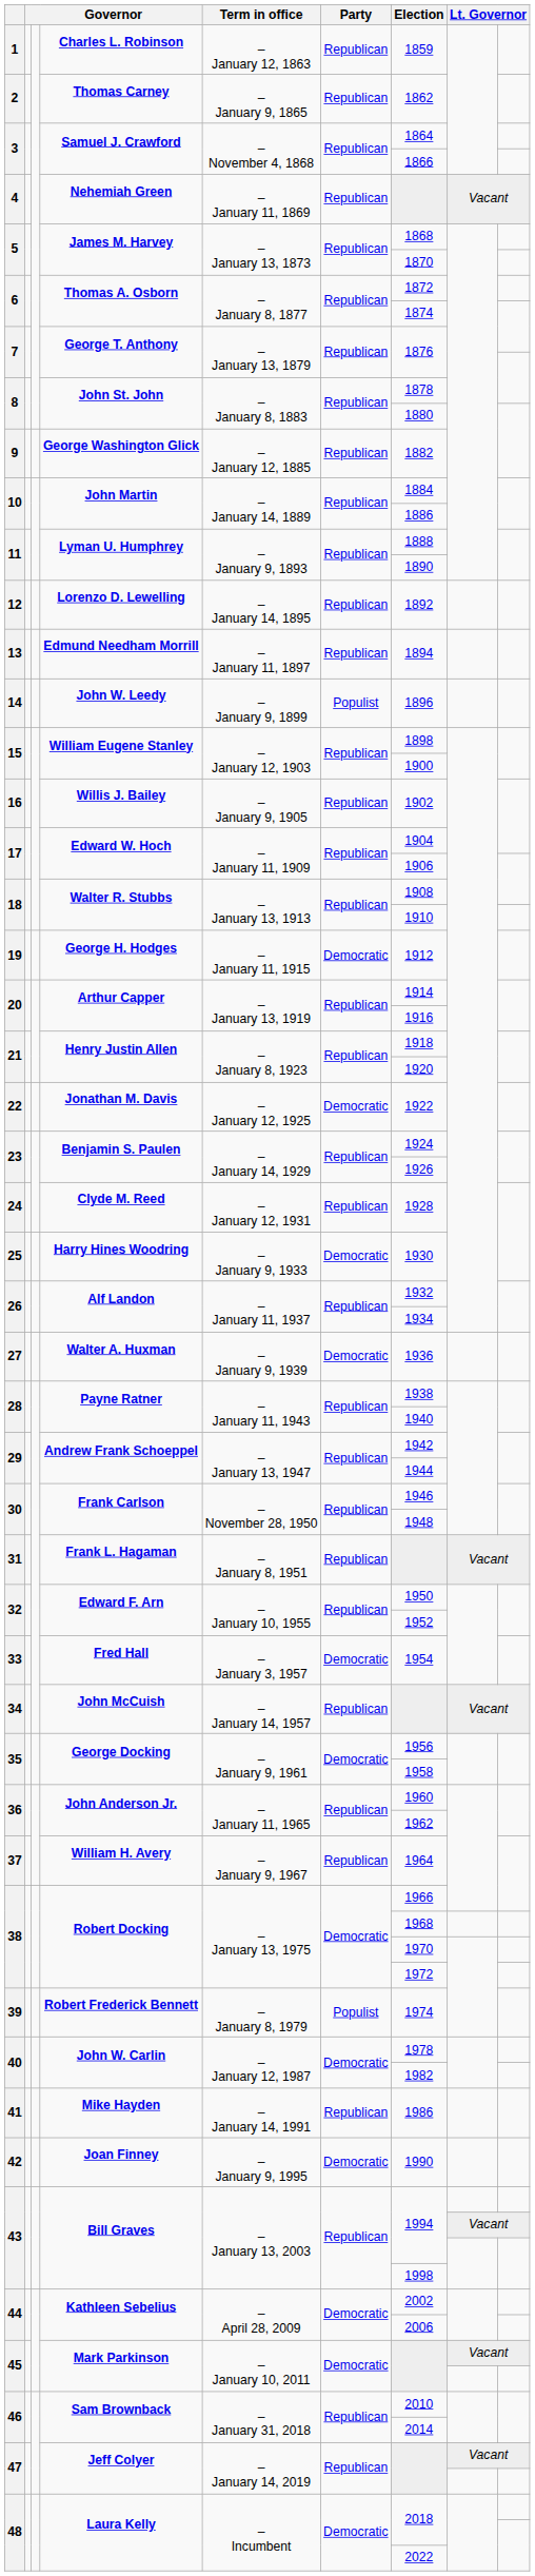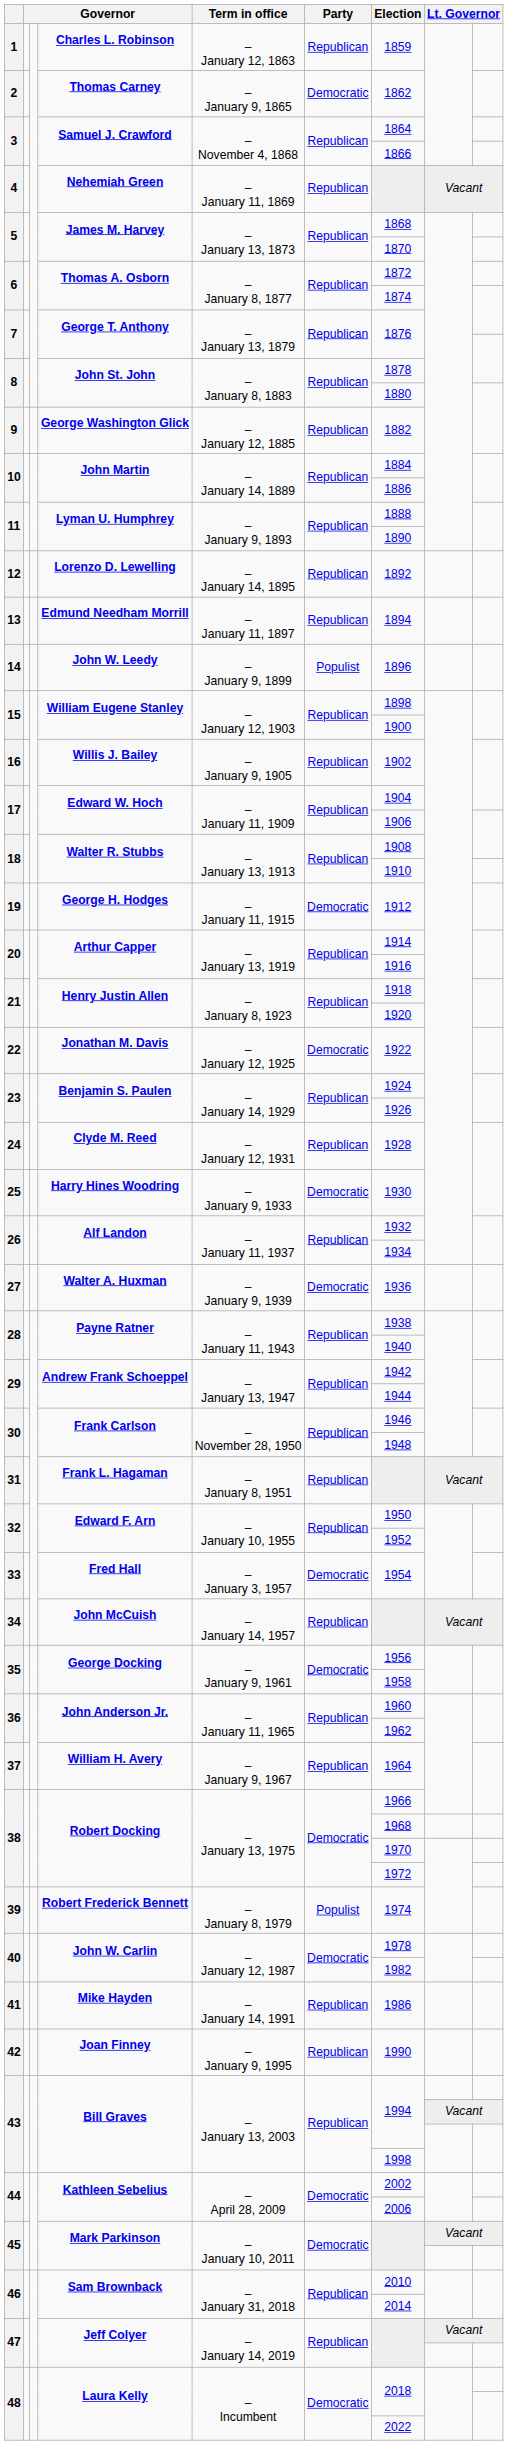 <table class="wikitable sortable mw-collapsible sticky-header-multi" style="text-align:center;">
 <tr>
 <th scope="col" data-sort-type="number"></th>
 <th scope="colgroup" colspan="3">Governor</th>
 <th scope="col">Term in office</th>
 <th scope="col">Party</th>
 <th scope="col">Election</th>
 <th scope="colgroup" colspan="2"><a href='#'>Lt. Governor</a></th>
 </tr>
 <tr style="height:2em;">
 <th scope="row">1</th>
 <td data-sort-value="Robinson, Charles"></td>
 <td rowspan="13" style="background: "> </td>
 <td><strong><a href='#'>Charles L. Robinson</a></strong><br><br></td>
 <td><br>–<br>January 12, 1863<br></td>
 <td><a href='#'>Republican</a></td>
 <td><a href='#'>1859</a></td>
 <td rowspan="4" style="background: "> </td>
 <td></td>
 </tr>
 <tr style="height:2em;">
 <th scope="row">2</th>
 <td data-sort-value="Carney, Thomas"></td>
 <td><strong><a href='#'>Thomas Carney</a></strong><br><br></td>
 <td><br>–<br>January 9, 1865<br></td>
-<td><a href='#'>Republican</a></td>
+<td><a href='#'>Democratic</a></td>
 <td><a href='#'>1862</a></td>
 <td></td>
 </tr>
 <tr style="height:2em;">
 <th rowspan="2" scope="rowgroup">3</th>
 <td rowspan="2" data-sort-value="Crawford, Samuel"></td>
 <td rowspan="2"><strong><a href='#'>Samuel J. Crawford</a></strong><br><br></td>
 <td rowspan="2"><br>–<br>November 4, 1868<br></td>
 <td rowspan="2"><a href='#'>Republican</a></td>
 <td><a href='#'>1864</a></td>
 <td></td>
 </tr>
 <tr style="height:2em;">
 <td><a href='#'>1866</a></td>
 <td></td>
 </tr>
 <tr style="height:2em;">
 <th scope="row">4</th>
 <td data-sort-value="Green, Nehemiah"></td>
 <td><strong><a href='#'>Nehemiah Green</a></strong><br><br></td>
 <td><br>–<br>January 11, 1869<br></td>
 <td><a href='#'>Republican</a></td>
 <td style="background:#EEEEEE;"></td>
 <td colspan="2" style="background:#EEEEEE;"><em>Vacant</em></td>
 </tr>
 <tr style="height:2em;">
 <th rowspan="2" scope="rowgroup">5</th>
 <td rowspan="2" data-sort-value="Harvey, James"></td>
 <td rowspan="2"><strong><a href='#'>James M. Harvey</a></strong><br><br></td>
 <td rowspan="2"><br>–<br>January 13, 1873<br></td>
 <td rowspan="2"><a href='#'>Republican</a></td>
 <td><a href='#'>1868</a></td>
 <td rowspan="13" style="color:inherit;background: "></td>
 <td></td>
 </tr>
 <tr style="height:2em;">
 <td><a href='#'>1870</a></td>
 <td></td>
 </tr>
 <tr style="height:2em;">
 <th rowspan="2" scope="rowgroup">6</th>
 <td rowspan="2" data-sort-value="Osborn, Thomas"></td>
 <td rowspan="2"><strong><a href='#'>Thomas A. Osborn</a></strong><br><br></td>
 <td rowspan="2"><br>–<br>January 8, 1877<br></td>
 <td rowspan="2"><a href='#'>Republican</a></td>
 <td><a href='#'>1872</a></td>
 <td></td>
 </tr>
 <tr style="height:2em;">
 <td><a href='#'>1874</a></td>
 <td rowspan="2"></td>
 </tr>
 <tr style="height:2em;">
 <th rowspan="2" scope="rowgroup">7</th>
 <td rowspan="2" data-sort-value="Anthony, George"></td>
 <td rowspan="2"><strong><a href='#'>George T. Anthony</a></strong><br><br></td>
 <td rowspan="2"><br>–<br>January 13, 1879<br></td>
 <td rowspan="2"><a href='#'>Republican</a></td>
 <td rowspan="2"><a href='#'>1876</a></td>
 </tr>
 <tr style="height:2em;">
 <td rowspan="2"></td>
 </tr>
 <tr style="height:2em;">
 <th rowspan="2" scope="rowgroup">8</th>
 <td rowspan="2" data-sort-value="St. John, John"></td>
 <td rowspan="2"><strong><a href='#'>John St. John</a></strong><br><br></td>
 <td rowspan="2"><br>–<br>January 8, 1883<br></td>
 <td rowspan="2"><a href='#'>Republican</a></td>
 <td><a href='#'>1878</a></td>
 </tr>
 <tr style="height:2em;">
 <td><a href='#'>1880</a></td>
 <td rowspan="2"></td>
 </tr>
 <tr style="height:2em;">
 <th scope="row">9</th>
 <td data-sort-value="Glick, George"></td>
 <td style="color:inherit;background: "></td>
 <td><strong><a href='#'>George Washington Glick</a></strong><br><br></td>
 <td><br>–<br>January 12, 1885<br></td>
 <td><a href='#'>Republican</a></td>
 <td><a href='#'>1882</a></td>
 </tr>
 <tr style="height:2em;">
 <th rowspan="2" scope="rowgroup">10</th>
 <td rowspan="2" data-sort-value="Martin, John"></td>
 <td rowspan="4" style="color:inherit;background: "></td>
 <td rowspan="2"><strong><a href='#'>John Martin</a></strong><br><br></td>
 <td rowspan="2"><br>–<br>January 14, 1889<br></td>
 <td rowspan="2"><a href='#'>Republican</a></td>
 <td><a href='#'>1884</a></td>
 <td rowspan="2"></td>
 </tr>
 <tr style="height:2em;">
 <td><a href='#'>1886</a></td>
 </tr>
 <tr style="height:2em;">
 <th rowspan="2" scope="rowgroup">11</th>
 <td rowspan="2" data-sort-value="Humphrey, Lyman"></td>
 <td rowspan="2"><strong><a href='#'>Lyman U. Humphrey</a></strong><br><br></td>
 <td rowspan="2"><br>–<br>January 9, 1893<br></td>
 <td rowspan="2"><a href='#'>Republican</a></td>
 <td><a href='#'>1888</a></td>
 <td rowspan="2"></td>
 </tr>
 <tr style="height:2em;">
 <td><a href='#'>1890</a></td>
 </tr>
 <tr style="height:2em;">
 <th scope="row">12</th>
 <td data-sort-value="Lewelling, Lorenzo"></td>
 <td style="color:inherit;background: "></td>
 <td><strong><a href='#'>Lorenzo D. Lewelling</a></strong><br><br></td>
 <td><br>–<br>January 14, 1895<br></td>
 <td><a href='#'>Republican</a></td>
 <td><a href='#'>1892</a></td>
 <td style="color:inherit;background: "></td>
 <td></td>
 </tr>
 <tr style="height:2em;">
 <th scope="row">13</th>
 <td data-sort-value="Morrill, Edmund"></td>
 <td style="color:inherit;background: "></td>
 <td><strong><a href='#'>Edmund Needham Morrill</a></strong><br><br></td>
 <td><br>–<br>January 11, 1897<br></td>
 <td><a href='#'>Republican</a></td>
 <td><a href='#'>1894</a></td>
 <td style="color:inherit;background: "></td>
 <td></td>
 </tr>
 <tr style="height:2em;">
 <th scope="row">14</th>
 <td data-sort-value="Leedy, John"></td>
 <td style="color:inherit;background: "></td>
 <td><strong><a href='#'>John W. Leedy</a></strong><br><br></td>
 <td><br>–<br>January 9, 1899<br></td>
 <td><a href='#'>Populist</a></td>
 <td><a href='#'>1896</a></td>
 <td style="color:inherit;background: "></td>
 <td></td>
 </tr>
 <tr style="height:2em;">
 <th rowspan="2" scope="rowgroup">15</th>
 <td rowspan="2" data-sort-value="Stanley, William"></td>
 <td rowspan="7" style="color:inherit;background: "></td>
 <td rowspan="2"><strong><a href='#'>William Eugene Stanley</a></strong><br><br></td>
 <td rowspan="2"><br>–<br>January 12, 1903<br></td>
 <td rowspan="2"><a href='#'>Republican</a></td>
 <td><a href='#'>1898</a></td>
 <td rowspan="19" style="color:inherit;background: "></td>
 <td rowspan="2"></td>
 </tr>
 <tr style="height:2em;">
 <td><a href='#'>1900</a></td>
 </tr>
 <tr style="height:2em;">
 <th scope="row">16</th>
 <td data-sort-value="Bailey, Willis"></td>
 <td><strong><a href='#'>Willis J. Bailey</a></strong><br><br></td>
 <td><br>–<br>January 9, 1905<br></td>
 <td><a href='#'>Republican</a></td>
 <td><a href='#'>1902</a></td>
 <td rowspan="2"></td>
 </tr>
 <tr style="height:2em;">
 <th rowspan="2" scope="rowgroup">17</th>
 <td rowspan="2" data-sort-value="Hoch, Edward"></td>
 <td rowspan="2"><strong><a href='#'>Edward W. Hoch</a></strong><br><br></td>
 <td rowspan="2"><br>–<br>January 11, 1909<br></td>
 <td rowspan="2"><a href='#'>Republican</a></td>
 <td><a href='#'>1904</a></td>
 </tr>
 <tr style="height:2em;">
 <td><a href='#'>1906</a></td>
 <td rowspan="2"></td>
 </tr>
 <tr style="height:2em;">
 <th rowspan="2" scope="rowgroup">18</th>
 <td rowspan="2" data-sort-value="Stubbs, Walter"></td>
 <td rowspan="2"><strong><a href='#'>Walter R. Stubbs</a></strong><br><br></td>
 <td rowspan="2"><br>–<br>January 13, 1913<br></td>
 <td rowspan="2"><a href='#'>Republican</a></td>
 <td><a href='#'>1908</a></td>
 </tr>
 <tr style="height:2em;">
 <td><a href='#'>1910</a></td>
 <td></td>
 </tr>
 <tr style="height:2em;">
 <th scope="row">19</th>
 <td data-sort-value="Hodges, George"></td>
 <td style="color:inherit;background: "></td>
 <td><strong><a href='#'>George H. Hodges</a></strong><br><br></td>
 <td><br>–<br>January 11, 1915<br></td>
 <td><a href='#'>Democratic</a></td>
 <td><a href='#'>1912</a></td>
 <td></td>
 </tr>
 <tr style="height:2em;">
 <th rowspan="2" scope="rowgroup">20</th>
 <td rowspan="2" data-sort-value="Capper, Arthur"></td>
 <td rowspan="4" style="color:inherit;background: "></td>
 <td rowspan="2"><strong><a href='#'>Arthur Capper</a></strong><br><br></td>
 <td rowspan="2"><br>–<br>January 13, 1919<br></td>
 <td rowspan="2"><a href='#'>Republican</a></td>
 <td><a href='#'>1914</a></td>
 <td rowspan="2"></td>
 </tr>
 <tr style="height:2em;">
 <td><a href='#'>1916</a></td>
 </tr>
 <tr style="height:2em;">
 <th rowspan="2" scope="rowgroup">21</th>
 <td rowspan="2" data-sort-value="Allen, Henry"></td>
 <td rowspan="2"><strong><a href='#'>Henry Justin Allen</a></strong><br><br></td>
 <td rowspan="2"><br>–<br>January 8, 1923<br></td>
 <td rowspan="2"><a href='#'>Republican</a></td>
 <td><a href='#'>1918</a></td>
 <td rowspan="2"></td>
 </tr>
 <tr style="height:2em;">
 <td><a href='#'>1920</a></td>
 </tr>
 <tr style="height:2em;">
 <th scope="row">22</th>
 <td data-sort-value="Davis, Jonathan"></td>
 <td style="color:inherit;background: "></td>
 <td><strong><a href='#'>Jonathan M. Davis</a></strong><br><br></td>
 <td><br>–<br>January 12, 1925<br></td>
 <td><a href='#'>Democratic</a></td>
 <td><a href='#'>1922</a></td>
 <td></td>
 </tr>
 <tr style="height:2em;">
 <th rowspan="2" scope="rowgroup">23</th>
 <td rowspan="2" data-sort-value="Paulen, Benjamin"></td>
 <td rowspan="3" style="color:inherit;background: "></td>
 <td rowspan="2"><strong><a href='#'>Benjamin S. Paulen</a></strong><br><br></td>
 <td rowspan="2"><br>–<br>January 14, 1929<br></td>
 <td rowspan="2"><a href='#'>Republican</a></td>
 <td><a href='#'>1924</a></td>
 <td rowspan="2"></td>
 </tr>
 <tr style="height:2em;">
 <td><a href='#'>1926</a></td>
 </tr>
 <tr style="height:2em;">
 <th scope="row">24</th>
 <td data-sort-value="Reed, Clyde"></td>
 <td><strong><a href='#'>Clyde M. Reed</a></strong><br><br></td>
 <td><br>–<br>January 12, 1931<br></td>
 <td><a href='#'>Republican</a></td>
 <td><a href='#'>1928</a></td>
 <td rowspan="2"></td>
 </tr>
 <tr style="height:2em;">
 <th scope="row">25</th>
 <td data-sort-value="Woodring, Harry"></td>
 <td style="color:inherit;background: "></td>
 <td><strong><a href='#'>Harry Hines Woodring</a></strong><br><br></td>
 <td><br>–<br>January 9, 1933<br></td>
 <td><a href='#'>Democratic</a></td>
 <td><a href='#'>1930</a></td>
 </tr>
 <tr style="height:2em;">
 <th rowspan="2" scope="rowgroup">26</th>
 <td rowspan="2" data-sort-value="Landon, Alf"></td>
 <td rowspan="2" style="color:inherit;background: "></td>
 <td rowspan="2"><strong><a href='#'>Alf Landon</a></strong><br><br></td>
 <td rowspan="2"><br>–<br>January 11, 1937<br></td>
 <td rowspan="2"><a href='#'>Republican</a></td>
 <td><a href='#'>1932</a></td>
 <td rowspan="2"></td>
 </tr>
 <tr style="height:2em;">
 <td><a href='#'>1934</a></td>
 </tr>
 <tr style="height:2em;">
 <th scope="row">27</th>
 <td data-sort-value="Huxman, Walter"></td>
 <td style="color:inherit;background: "></td>
 <td><strong><a href='#'>Walter A. Huxman</a></strong><br><br></td>
 <td><br>–<br>January 9, 1939<br></td>
 <td><a href='#'>Democratic</a></td>
 <td><a href='#'>1936</a></td>
 <td style="color:inherit;background: "></td>
 <td></td>
 </tr>
 <tr style="height:2em;">
 <th rowspan="2" scope="rowgroup">28</th>
 <td rowspan="2" data-sort-value="Ratner, Payne"></td>
 <td rowspan="11" style="color:inherit;background: "></td>
 <td rowspan="2"><strong><a href='#'>Payne Ratner</a></strong><br><br></td>
 <td rowspan="2"><br>–<br>January 11, 1943<br></td>
 <td rowspan="2"><a href='#'>Republican</a></td>
 <td><a href='#'>1938</a></td>
 <td rowspan="6" style="color:inherit;background: "></td>
 <td rowspan="2"></td>
 </tr>
 <tr style="height:2em;">
 <td><a href='#'>1940</a></td>
 </tr>
 <tr style="height:2em;">
 <th rowspan="2" scope="rowgroup">29</th>
 <td rowspan="2" data-sort-value="Schoeppel, Andrew"></td>
 <td rowspan="2"><strong><a href='#'>Andrew Frank Schoeppel</a></strong><br><br></td>
 <td rowspan="2"><br>–<br>January 13, 1947<br></td>
 <td rowspan="2"><a href='#'>Republican</a></td>
 <td><a href='#'>1942</a></td>
 <td rowspan="2"></td>
 </tr>
 <tr style="height:2em;">
 <td><a href='#'>1944</a></td>
 </tr>
 <tr style="height:2em;">
 <th rowspan="2" scope="rowgroup">30</th>
 <td rowspan="2" data-sort-value="Carlson, Frank"></td>
 <td rowspan="2"><strong><a href='#'>Frank Carlson</a></strong><br><br></td>
 <td rowspan="2"><br>–<br>November 28, 1950<br></td>
 <td rowspan="2"><a href='#'>Republican</a></td>
 <td><a href='#'>1946</a></td>
 <td rowspan="2"></td>
 </tr>
 <tr style="height:2em;">
 <td><a href='#'>1948</a></td>
 </tr>
 <tr style="height:2em;">
 <th scope="row">31</th>
 <td data-sort-value="Hagaman, Frank"></td>
 <td><strong><a href='#'>Frank L. Hagaman</a></strong><br><br></td>
 <td><br>–<br>January 8, 1951<br></td>
 <td><a href='#'>Republican</a></td>
 <td style="background:#EEEEEE;"></td>
 <td colspan="2" style="background:#EEEEEE;"><em>Vacant</em></td>
 </tr>
 <tr style="height:2em;">
 <th rowspan="2" scope="rowgroup">32</th>
 <td rowspan="2" data-sort-value="Arn, Edward"></td>
 <td rowspan="2"><strong><a href='#'>Edward F. Arn</a></strong><br><br></td>
 <td rowspan="2"><br>–<br>January 10, 1955<br></td>
 <td rowspan="2"><a href='#'>Republican</a></td>
 <td><a href='#'>1950</a></td>
 <td rowspan="3" style="color:inherit;background: "></td>
 <td rowspan="2"></td>
 </tr>
 <tr style="height:2em;">
 <td><a href='#'>1952</a></td>
 </tr>
 <tr style="height:2em;">
 <th scope="row">33</th>
 <td data-sort-value="Hall, Fred"></td>
 <td><strong><a href='#'>Fred Hall</a></strong><br><br></td>
 <td><br>–<br>January 3, 1957<br></td>
 <td><a href='#'>Democratic</a></td>
 <td><a href='#'>1954</a></td>
 <td></td>
 </tr>
 <tr style="height:2em;">
 <th scope="row">34</th>
 <td data-sort-value="McCuish, John"></td>
 <td><strong><a href='#'>John McCuish</a></strong><br><br></td>
 <td><br>–<br>January 14, 1957<br></td>
 <td><a href='#'>Republican</a></td>
 <td style="background:#EEEEEE;"></td>
 <td colspan="2" style="background:#EEEEEE;"><em>Vacant</em></td>
 </tr>
 <tr style="height:2em;">
 <th rowspan="2" scope="rowgroup">35</th>
 <td rowspan="2" data-sort-value="Docking, George"></td>
 <td rowspan="2" style="color:inherit;background: "></td>
 <td rowspan="2"><strong><a href='#'>George Docking</a></strong><br><br></td>
 <td rowspan="2"><br>–<br>January 9, 1961<br></td>
 <td rowspan="2"><a href='#'>Democratic</a></td>
 <td><a href='#'>1956</a></td>
 <td rowspan="2" style="color:inherit;background: "></td>
 <td rowspan="2"></td>
 </tr>
 <tr style="height:2em;">
 <td><a href='#'>1958</a></td>
 </tr>
 <tr style="height:2em;">
 <th rowspan="2" scope="rowgroup">36</th>
 <td rowspan="2" data-sort-value="Anderson, John"></td>
 <td rowspan="3" style="color:inherit;background: "></td>
 <td rowspan="2"><strong><a href='#'>John Anderson Jr.</a></strong><br><br></td>
 <td rowspan="2"><br>–<br>January 11, 1965<br></td>
 <td rowspan="2"><a href='#'>Republican</a></td>
 <td><a href='#'>1960</a></td>
 <td rowspan="4" style="color:inherit;background: "></td>
 <td rowspan="2"></td>
 </tr>
 <tr style="height:2em;">
 <td><a href='#'>1962</a></td>
 </tr>
 <tr style="height:2em;">
 <th scope="row">37</th>
 <td data-sort-value="Avery, William"></td>
 <td><strong><a href='#'>William H. Avery</a></strong><br><br></td>
 <td><br>–<br>January 9, 1967<br></td>
 <td><a href='#'>Republican</a></td>
 <td><a href='#'>1964</a></td>
 <td rowspan="2"></td>
 </tr>
 <tr style="height:2em;">
 <th rowspan="4" scope="rowgroup">38</th>
 <td rowspan="4" data-sort-value="Docking, Robert"></td>
 <td rowspan="4" style="color:inherit;background: "></td>
 <td rowspan="4"><strong><a href='#'>Robert Docking</a></strong><br><br></td>
 <td rowspan="4"><br>–<br>January 13, 1975<br></td>
 <td rowspan="4"><a href='#'>Democratic</a></td>
 <td><a href='#'>1966</a></td>
 </tr>
 <tr style="height:2em;">
 <td><a href='#'>1968</a></td>
 <td style="color:inherit;background: "></td>
 <td></td>
 </tr>
 <tr style="height:2em;">
 <td><a href='#'>1970</a></td>
 <td rowspan="3" style="color:inherit;background: "></td>
 <td></td>
 </tr>
 <tr style="height:2em;">
 <td><a href='#'>1972</a></td>
 <td></td>
 </tr>
 <tr style="height:2em;">
 <th scope="row">39</th>
 <td data-sort-value="Bennett, Robert"></td>
 <td style="color:inherit;background: "></td>
 <td><strong><a href='#'>Robert Frederick Bennett</a></strong><br><br></td>
 <td><br>–<br>January 8, 1979<br></td>
 <td><a href='#'>Populist</a></td>
 <td><a href='#'>1974</a></td>
 <td></td>
 </tr>
 <tr style="height:2em;">
 <th rowspan="2" scope="rowgroup">40</th>
 <td rowspan="2" data-sort-value="Carlin, John"></td>
 <td rowspan="2" style="color:inherit;background: "></td>
 <td rowspan="2"><strong><a href='#'>John W. Carlin</a></strong><br><br></td>
 <td rowspan="2"><br>–<br>January 12, 1987<br></td>
 <td rowspan="2"><a href='#'>Democratic</a></td>
 <td><a href='#'>1978</a></td>
 <td rowspan="2" style="color:inherit;background: "></td>
 <td></td>
 </tr>
 <tr style="height:2em;">
 <td><a href='#'>1982</a></td>
 <td></td>
 </tr>
 <tr style="height:2em;">
 <th scope="row">41</th>
 <td data-sort-value="Hayden, Mike"></td>
 <td style="color:inherit;background: "></td>
 <td><strong><a href='#'>Mike Hayden</a></strong><br><br></td>
 <td><br>–<br>January 14, 1991<br></td>
 <td><a href='#'>Republican</a></td>
 <td><a href='#'>1986</a></td>
 <td style="color:inherit;background: "></td>
 <td></td>
 </tr>
 <tr style="height:2em;">
 <th scope="row">42</th>
 <td data-sort-value="Finney, Joan"></td>
 <td style="color:inherit;background: "></td>
 <td><strong><a href='#'>Joan Finney</a></strong><br><br></td>
 <td><br>–<br>January 9, 1995<br></td>
-<td><a href='#'>Democratic</a></td>
+<td><a href='#'>Republican</a></td>
 <td><a href='#'>1990</a></td>
 <td style="color:inherit;background: "></td>
 <td></td>
 </tr>
 <tr style="height:2em;">
 <th rowspan="4" scope="rowgroup">43</th>
 <td rowspan="4" data-sort-value="Graves, Bill"></td>
 <td rowspan="4" style="color:inherit;background: "></td>
 <td rowspan="4"><strong><a href='#'>Bill Graves</a></strong><br><br></td>
 <td rowspan="4"><br>–<br>January 13, 2003<br></td>
 <td rowspan="4"><a href='#'>Republican</a></td>
 <td rowspan="3"><a href='#'>1994</a></td>
 <td style="color:inherit;background: "></td>
 <td><br></td>
 </tr>
 <tr style="height:2em;">
 <td colspan="2" style="background:#EEEEEE;"><em>Vacant</em></td>
 </tr>
 <tr style="height:2em;">
 <td rowspan="2" style="color:inherit;background: "></td>
 <td rowspan="2"><br></td>
 </tr>
 <tr style="height:2em;">
 <td><a href='#'>1998</a></td>
 </tr>
 <tr style="height:2em;">
 <th rowspan="2" scope="rowgroup">44</th>
 <td rowspan="2" data-sort-value="Sebelius, Kathleen"></td>
 <td rowspan="4" style="color:inherit;background: "></td>
 <td rowspan="2"><strong><a href='#'>Kathleen Sebelius</a></strong><br><br></td>
 <td rowspan="2"><br>–<br>April 28, 2009<br></td>
 <td rowspan="2"><a href='#'>Democratic</a></td>
 <td><a href='#'>2002</a></td>
 <td rowspan="2" style="color:inherit;background: "></td>
 <td></td>
 </tr>
 <tr style="height:2em;">
 <td><a href='#'>2006</a></td>
 <td></td>
 </tr>
 <tr style="height:2em;">
 <th rowspan="2" scope="rowgroup">45</th>
 <td rowspan="2" data-sort-value="Parkinson, Mark"></td>
 <td rowspan="2"><strong><a href='#'>Mark Parkinson</a></strong><br><br></td>
 <td rowspan="2"><br>–<br>January 10, 2011<br></td>
 <td rowspan="2"><a href='#'>Democratic</a></td>
 <td rowspan="2" style="background:#EEEEEE;"></td>
 <td colspan="2" style="background:#EEEEEE;"><em>Vacant</em></td>
 </tr>
 <tr style="height:2em;">
 <td style="color:inherit;background: "></td>
 <td><br></td>
 </tr>
 <tr style="height:2em;">
 <th rowspan="2" scope="rowgroup">46</th>
 <td rowspan="2" data-sort-value="Brownback, Sam"></td>
 <td rowspan="4" style="color:inherit;background: "></td>
 <td rowspan="2"><strong><a href='#'>Sam Brownback</a></strong><br><br></td>
 <td rowspan="2"><br>–<br>January 31, 2018<br></td>
 <td rowspan="2"><a href='#'>Republican</a></td>
 <td><a href='#'>2010</a></td>
 <td rowspan="2" style="color:inherit;background: "></td>
 <td rowspan="2"></td>
 </tr>
 <tr style="height:2em;">
 <td><a href='#'>2014</a></td>
 </tr>
 <tr style="height:2em;">
 <th rowspan="2" scope="rowgroup">47</th>
 <td rowspan="2" data-sort-value="Colyer, Jeff"></td>
 <td rowspan="2"><strong><a href='#'>Jeff Colyer</a></strong><br><br></td>
 <td rowspan="2"><br>–<br>January 14, 2019<br></td>
 <td rowspan="2"><a href='#'>Republican</a></td>
 <td rowspan="2" style="background:#EEEEEE;"></td>
 <td colspan="2" style="background:#EEEEEE;"><em>Vacant</em></td>
 </tr>
 <tr style="height:2em;">
 <td style="color:inherit;background: "></td>
 <td><br></td>
 </tr>
 <tr style="height:2em;">
 <th rowspan="3" scope="rowgroup">48</th>
 <td rowspan="3" data-sort-value="Kelly, Laura"></td>
 <td rowspan="3" style="color:inherit;background: "></td>
 <td rowspan="3"><strong><a href='#'>Laura Kelly</a></strong><br><br></td>
 <td rowspan="3"><br>–<br>Incumbent</td>
 <td rowspan="3"><a href='#'>Democratic</a></td>
 <td rowspan="2"><a href='#'>2018</a></td>
 <td rowspan="3" style="color:inherit;background: "></td>
 <td><br></td>
 </tr>
 <tr style="height:2em">
 <td rowspan="2"><br></td>
 </tr>
 <tr style="height:2em;">
 <td><a href='#'>2022</a></td>
 </tr>
 </table>
